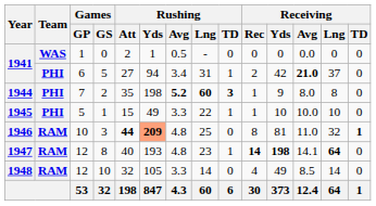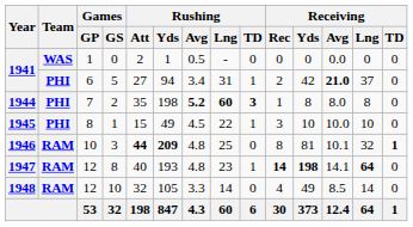 <table class="wikitable" style="text-align:center;">
 <tr>
 <th rowspan="2">Year</th>
 <th rowspan="2">Team</th>
 <th colspan="2">Games</th>
 <th colspan="5">Rushing</th>
 <th colspan="5">Receiving</th>
 </tr>
 <tr>
 <th>GP</th>
 <th>GS</th>
 <th>Att</th>
 <th>Yds</th>
 <th>Avg</th>
 <th>Lng</th>
 <th>TD</th>
 <th>Rec</th>
 <th>Yds</th>
 <th>Avg</th>
 <th>Lng</th>
 <th>TD</th>
 </tr>
 <tr>
 <th rowspan="2"><a href='#'>1941</a></th>
 <th><a href='#'>WAS</a></th>
 <td>1</td>
 <td>0</td>
 <td>2</td>
 <td>1</td>
 <td>0.5</td>
 <td>-</td>
 <td>0</td>
 <td>0</td>
 <td>0</td>
 <td>0.0</td>
 <td>0</td>
 <td>0</td>
 </tr>
 <tr>
 <th><a href='#'>PHI</a></th>
 <td>6</td>
 <td>5</td>
 <td>27</td>
 <td>94</td>
 <td>3.4</td>
 <td>31</td>
 <td>1</td>
 <td>2</td>
 <td>42</td>
 <td><strong>21.0</strong></td>
 <td>37</td>
 <td>0</td>
 </tr>
 <tr>
 <th><a href='#'>1944</a></th>
 <th><a href='#'>PHI</a></th>
 <td>7</td>
 <td>2</td>
 <td>35</td>
 <td>198</td>
 <td><strong>5.2</strong></td>
 <td><strong>60</strong></td>
 <td><strong>3</strong></td>
 <td>1</td>
-<td>9</td>
+<td>8</td>
 <td>8.0</td>
 <td>8</td>
 <td>0</td>
 </tr>
 <tr>
 <th><a href='#'>1945</a></th>
 <th><a href='#'>PHI</a></th>
-<td>5</td>
+<td>8</td>
 <td>1</td>
 <td>15</td>
 <td>49</td>
-<td>3.3</td>
+<td>4.5</td>
 <td>22</td>
 <td>1</td>
-<td>1</td>
+<td>3</td>
 <td>10</td>
 <td>10.0</td>
 <td>10</td>
 <td>0</td>
 </tr>
 <tr>
 <th><a href='#'>1946</a></th>
 <th><a href='#'>RAM</a></th>
 <td>10</td>
 <td>3</td>
 <td><strong>44</strong></td>
-<td style="background: lightsalmon;"><strong>209</strong></td>
+<td><strong>209</strong></td>
 <td>4.8</td>
 <td>25</td>
 <td>0</td>
 <td>8</td>
 <td>81</td>
-<td>11.0</td>
+<td>10.1</td>
 <td>32</td>
 <td><strong>1</strong></td>
 </tr>
 <tr>
 <th><a href='#'>1947</a></th>
 <th><a href='#'>RAM</a></th>
 <td>12</td>
 <td>8</td>
 <td>40</td>
 <td>193</td>
 <td>4.8</td>
 <td>23</td>
 <td>1</td>
 <td><strong>14</strong></td>
 <td><strong>198</strong></td>
 <td>14.1</td>
 <td><strong>64</strong></td>
 <td>0</td>
 </tr>
 <tr>
 <th><a href='#'>1948</a></th>
 <th><a href='#'>RAM</a></th>
 <td>12</td>
 <td>10</td>
 <td>32</td>
 <td>105</td>
 <td>3.3</td>
 <td>14</td>
 <td>0</td>
 <td>4</td>
 <td>49</td>
 <td>8.5</td>
 <td>14</td>
 <td>0</td>
 </tr>
 <tr>
 <th colspan="2"></th>
 <th>53</th>
 <th>32</th>
 <th>198</th>
 <th>847</th>
 <th>4.3</th>
 <th>60</th>
 <th>6</th>
 <th>30</th>
 <th>373</th>
 <th>12.4</th>
 <th>64</th>
 <th>1</th>
 </tr>
 </table>
